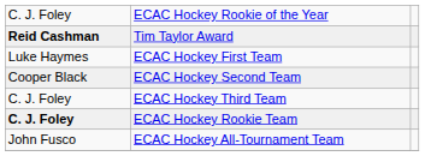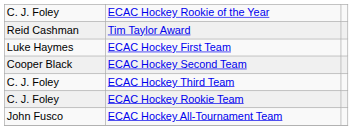 <table class="wikitable" width=40%>
 <tr>
 <td>C. J. Foley</td>
 <td><a href='#'>ECAC Hockey Rookie of the Year</a></td>
 <td></td>
 </tr>
 <tr bgcolor=f0f0f0>
-<td><strong>Reid Cashman</strong></td>
+<td>Reid Cashman</td>
 <td><a href='#'>Tim Taylor Award</a></td>
 <td></td>
 </tr>
 <tr>
 <td>Luke Haymes</td>
 <td rowspan=1><a href='#'>ECAC Hockey First Team</a></td>
 <td rowspan=1></td>
 </tr>
 <tr bgcolor=f0f0f0>
 <td>Cooper Black</td>
 <td rowspan=1><a href='#'>ECAC Hockey Second Team</a></td>
 <td rowspan=1></td>
 </tr>
 <tr>
 <td>C. J. Foley</td>
 <td rowspan=1><a href='#'>ECAC Hockey Third Team</a></td>
 <td rowspan=1></td>
 </tr>
 <tr bgcolor=f0f0f0>
-<td><strong>C. J. Foley</strong></td>
+<td>C. J. Foley</td>
 <td rowspan=1><a href='#'>ECAC Hockey Rookie Team</a></td>
 <td rowspan=1></td>
 </tr>
 <tr>
 <td>John Fusco</td>
 <td rowspan=1><a href='#'>ECAC Hockey All-Tournament Team</a></td>
 <td rowspan=1></td>
 </tr>
 <tr>
 </tr>
 </table>
